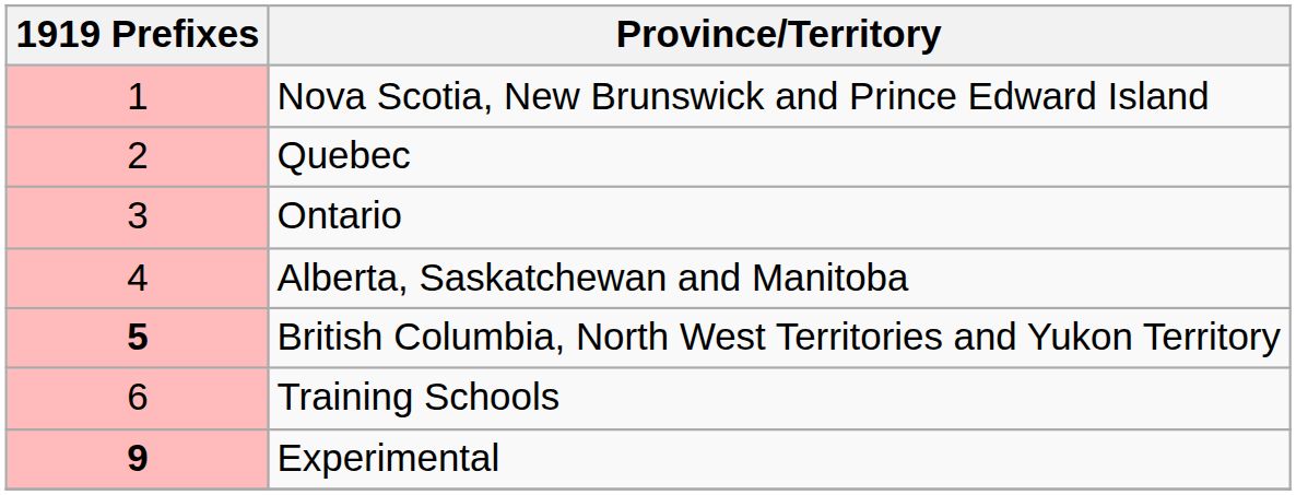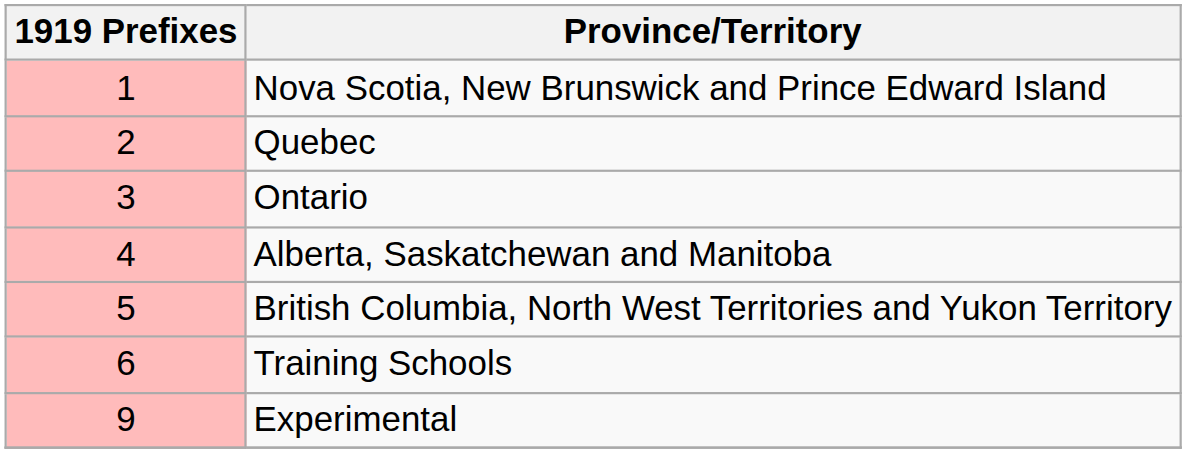 <table class=wikitable style="margin: 1em auto 1em auto;">
 <tr>
 <th>1919 Prefixes</th>
 <th>Province/Territory</th>
 </tr>
 <tr>
 <td style="background: #ffbbbb;" align="center">1</td>
 <td>Nova Scotia, New Brunswick and Prince Edward Island</td>
 </tr>
 <tr>
 <td style="background: #ffbbbb;" align="center">2</td>
 <td>Quebec</td>
 </tr>
 <tr>
 <td style="background: #ffbbbb;" align="center">3</td>
 <td>Ontario</td>
 </tr>
 <tr>
 <td style="background: #ffbbbb;" align="center">4</td>
 <td>Alberta, Saskatchewan and Manitoba</td>
 </tr>
 <tr>
-<td style="background: #ffbbbb;" align="center"><strong>5</strong></td>
+<td style="background: #ffbbbb;" align="center">5</td>
 <td>British Columbia, North West Territories and Yukon Territory</td>
 </tr>
 <tr>
 <td style="background: #ffbbbb;" align="center">6</td>
 <td>Training Schools</td>
 </tr>
 <tr>
-<td style="background: #ffbbbb;" align="center"><strong>9</strong></td>
+<td style="background: #ffbbbb;" align="center">9</td>
 <td>Experimental</td>
 </tr>
 <tr>
 </tr>
 </table>
